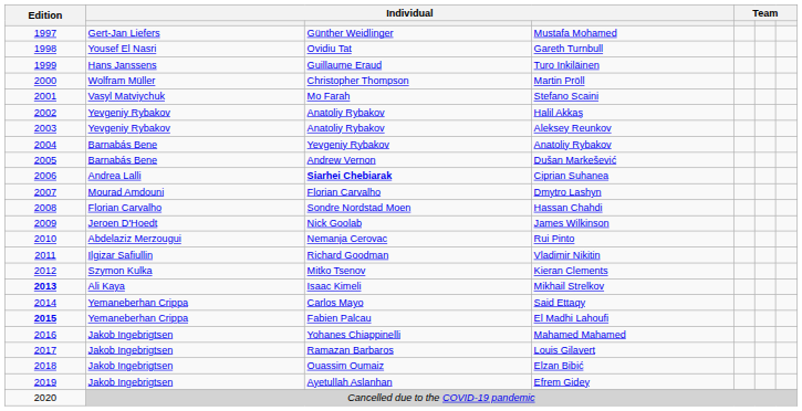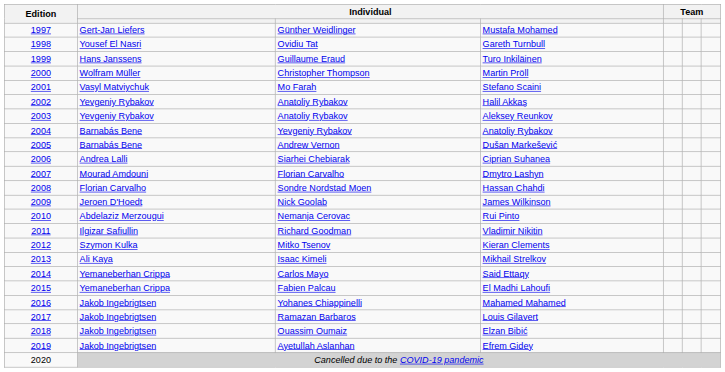 <table class="wikitable" width=90% style="font-size:90%; text-align:left;">
 <tr>
 <th rowspan=2>Edition</th>
 <th colspan=3>Individual</th>
 <th colspan=3>Team</th>
 </tr>
 <tr>
 <th></th>
 <th></th>
 <th></th>
 <th></th>
 <th></th>
 <th></th>
 </tr>
 <tr>
 <td align=center><a href='#'>1997</a></td>
 <td> <a href='#'>Gert-Jan Liefers</a></td>
 <td> <a href='#'>Günther Weidlinger</a></td>
 <td> <a href='#'>Mustafa Mohamed</a></td>
 <td></td>
 <td></td>
 <td></td>
 </tr>
 <tr>
 <td align=center><a href='#'>1998</a></td>
 <td> <a href='#'>Yousef El Nasri</a></td>
 <td> <a href='#'>Ovidiu Tat</a></td>
 <td> <a href='#'>Gareth Turnbull</a></td>
 <td></td>
 <td></td>
 <td></td>
 </tr>
 <tr>
 <td align=center><a href='#'>1999</a></td>
 <td> <a href='#'>Hans Janssens</a></td>
 <td> <a href='#'>Guillaume Eraud</a></td>
 <td> <a href='#'>Turo Inkiläinen</a></td>
 <td></td>
 <td></td>
 <td></td>
 </tr>
 <tr>
 <td align=center><a href='#'>2000</a></td>
 <td> <a href='#'>Wolfram Müller</a></td>
 <td> <a href='#'>Christopher Thompson</a></td>
 <td> <a href='#'>Martin Pröll</a></td>
 <td></td>
 <td></td>
 <td></td>
 </tr>
 <tr>
 <td align=center><a href='#'>2001</a></td>
 <td> <a href='#'>Vasyl Matviychuk</a></td>
 <td> <a href='#'>Mo Farah</a></td>
 <td> <a href='#'>Stefano Scaini</a></td>
 <td></td>
 <td></td>
 <td></td>
 </tr>
 <tr>
 <td align=center><a href='#'>2002</a></td>
 <td> <a href='#'>Yevgeniy Rybakov</a></td>
 <td> <a href='#'>Anatoliy Rybakov</a></td>
 <td> <a href='#'>Halil Akkaş</a></td>
 <td></td>
 <td></td>
 <td></td>
 </tr>
 <tr>
 <td align=center><a href='#'>2003</a></td>
 <td> <a href='#'>Yevgeniy Rybakov</a></td>
 <td> <a href='#'>Anatoliy Rybakov</a></td>
 <td> <a href='#'>Aleksey Reunkov</a></td>
 <td></td>
 <td></td>
 <td></td>
 </tr>
 <tr>
 <td align=center><a href='#'>2004</a></td>
 <td> <a href='#'>Barnabás Bene</a></td>
 <td> <a href='#'>Yevgeniy Rybakov</a></td>
 <td> <a href='#'>Anatoliy Rybakov</a></td>
 <td></td>
 <td></td>
 <td></td>
 </tr>
 <tr>
 <td align=center><a href='#'>2005</a></td>
 <td> <a href='#'>Barnabás Bene</a></td>
 <td> <a href='#'>Andrew Vernon</a></td>
 <td> <a href='#'>Dušan Markešević</a></td>
 <td></td>
 <td></td>
 <td></td>
 </tr>
 <tr>
 <td align=center><a href='#'>2006</a></td>
 <td> <a href='#'>Andrea Lalli</a></td>
-<td><strong> <a href='#'>Siarhei Chebiarak</a></strong></td>
+<td> <a href='#'>Siarhei Chebiarak</a></td>
 <td> <a href='#'>Ciprian Suhanea</a></td>
 <td></td>
 <td></td>
 <td></td>
 </tr>
 <tr>
 <td align=center><a href='#'>2007</a></td>
 <td> <a href='#'>Mourad Amdouni</a></td>
 <td> <a href='#'>Florian Carvalho</a></td>
 <td> <a href='#'>Dmytro Lashyn</a></td>
 <td></td>
 <td></td>
 <td></td>
 </tr>
 <tr>
 <td align=center><a href='#'>2008</a></td>
 <td> <a href='#'>Florian Carvalho</a></td>
 <td> <a href='#'>Sondre Nordstad Moen</a></td>
 <td> <a href='#'>Hassan Chahdi</a></td>
 <td></td>
 <td></td>
 <td></td>
 </tr>
 <tr>
 <td align=center><a href='#'>2009</a></td>
 <td> <a href='#'>Jeroen D'Hoedt</a></td>
 <td> <a href='#'>Nick Goolab</a></td>
 <td> <a href='#'>James Wilkinson</a></td>
 <td></td>
 <td></td>
 <td></td>
 </tr>
 <tr>
 <td align=center><a href='#'>2010</a></td>
 <td> <a href='#'>Abdelaziz Merzougui</a></td>
 <td> <a href='#'>Nemanja Cerovac</a></td>
 <td> <a href='#'>Rui Pinto</a></td>
 <td></td>
 <td></td>
 <td></td>
 </tr>
 <tr>
 <td align=center><a href='#'>2011</a></td>
 <td> <a href='#'>Ilgizar Safiullin</a></td>
 <td> <a href='#'>Richard Goodman</a></td>
 <td> <a href='#'>Vladimir Nikitin</a></td>
 <td></td>
 <td></td>
 <td></td>
 </tr>
 <tr>
 <td align=center><a href='#'>2012</a></td>
 <td> <a href='#'>Szymon Kulka</a></td>
 <td> <a href='#'>Mitko Tsenov</a></td>
 <td> <a href='#'>Kieran Clements</a></td>
 <td></td>
 <td></td>
 <td></td>
 </tr>
 <tr>
-<td align=center><strong><a href='#'>2013</a></strong></td>
+<td align=center><a href='#'>2013</a></td>
 <td> <a href='#'>Ali Kaya</a></td>
 <td> <a href='#'>Isaac Kimeli</a></td>
 <td> <a href='#'>Mikhail Strelkov</a></td>
 <td></td>
 <td></td>
 <td></td>
 </tr>
 <tr>
 <td align=center><a href='#'>2014</a></td>
 <td> <a href='#'>Yemaneberhan Crippa</a></td>
 <td> <a href='#'>Carlos Mayo</a></td>
 <td> <a href='#'>Said Ettaqy</a></td>
 <td></td>
 <td></td>
 <td></td>
 </tr>
 <tr>
-<td align=center><strong><a href='#'>2015</a></strong></td>
+<td align=center><a href='#'>2015</a></td>
 <td> <a href='#'>Yemaneberhan Crippa</a></td>
 <td> <a href='#'>Fabien Palcau</a></td>
 <td> <a href='#'>El Madhi Lahoufi</a></td>
 <td></td>
 <td></td>
 <td></td>
 </tr>
 <tr>
 <td align=center><a href='#'>2016</a></td>
 <td> <a href='#'>Jakob Ingebrigtsen</a></td>
 <td> <a href='#'>Yohanes Chiappinelli</a></td>
 <td> <a href='#'>Mahamed Mahamed</a></td>
 <td></td>
 <td></td>
 <td></td>
 </tr>
 <tr>
 <td align=center><a href='#'>2017</a></td>
 <td> <a href='#'>Jakob Ingebrigtsen</a></td>
 <td> <a href='#'>Ramazan Barbaros</a></td>
 <td> <a href='#'>Louis Gilavert</a></td>
 <td></td>
 <td></td>
 <td></td>
 </tr>
 <tr>
 <td align=center><a href='#'>2018</a></td>
 <td> <a href='#'>Jakob Ingebrigtsen</a></td>
 <td> <a href='#'>Ouassim Oumaiz</a></td>
 <td> <a href='#'>Elzan Bibić</a></td>
 <td></td>
 <td></td>
 <td></td>
 </tr>
 <tr>
 <td align=center><a href='#'>2019</a></td>
 <td> <a href='#'>Jakob Ingebrigtsen</a></td>
 <td> <a href='#'>Ayetullah Aslanhan</a></td>
 <td> <a href='#'>Efrem Gidey</a></td>
 <td></td>
 <td></td>
 <td></td>
 </tr>
 <tr>
 <td align=center>2020</td>
 <td align=center colspan=6 bgcolor=lightgrey><em>Cancelled due to the <a href='#'>COVID-19 pandemic</a></em></td>
 </tr>
 </table>
